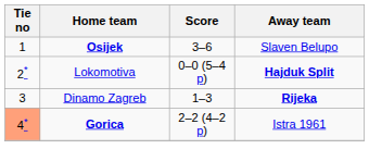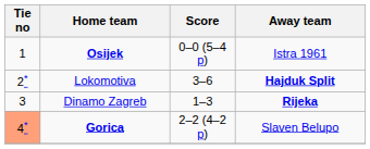 <table class="wikitable" style="text-align: center">
 <tr>
 <th width=40>Tie no</th>
 <th width=165>Home team</th>
 <th width=80>Score</th>
 <th width=165>Away team</th>
 </tr>
 <tr>
 <td>1</td>
 <td><strong><a href='#'>Osijek</a></strong></td>
-<td>3–6</td>
-<td><a href='#'>Slaven Belupo</a></td>
+<td>0–0 (5–4 <a href='#'>p</a>)</td>
+<td><a href='#'>Istra 1961</a></td>
 </tr>
 <tr>
 <td>2<a href='#'><sup>*</sup></a></td>
 <td><a href='#'>Lokomotiva</a></td>
-<td>0–0 (5–4 <a href='#'>p</a>)</td>
+<td>3–6</td>
 <td><strong><a href='#'>Hajduk Split</a></strong></td>
 </tr>
 <tr>
 <td>3</td>
 <td><a href='#'>Dinamo Zagreb</a></td>
 <td>1–3</td>
 <td><strong><a href='#'>Rijeka</a></strong></td>
 </tr>
 <tr>
 <td style="background: lightsalmon;">4<a href='#'><sup>*</sup></a></td>
 <td><strong><a href='#'>Gorica</a></strong></td>
 <td>2–2 (4–2 <a href='#'>p</a>)</td>
-<td><a href='#'>Istra 1961</a></td>
+<td><a href='#'>Slaven Belupo</a></td>
 </tr>
 <tr>
 </tr>
 </table>
